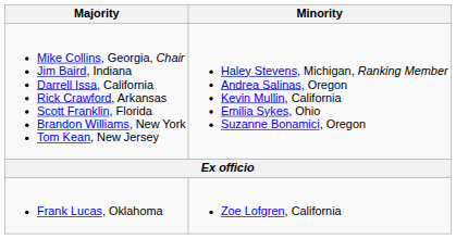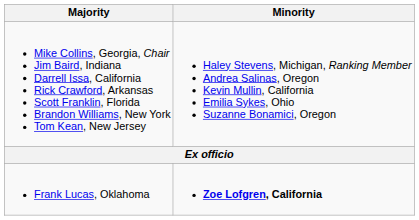 <table class=wikitable>
 <tr>
 <th>Majority</th>
 <th>Minority</th>
 </tr>
 <tr>
 <td><br><ul><li><a href='#'>Mike Collins</a>, Georgia, <em>Chair</em></li><li><a href='#'>Jim Baird</a>, Indiana</li><li><a href='#'>Darrell Issa</a>, California</li><li><a href='#'>Rick Crawford</a>, Arkansas</li><li><a href='#'>Scott Franklin</a>, Florida</li><li><a href='#'>Brandon Williams</a>, New York</li><li><a href='#'>Tom Kean</a>, New Jersey</li></ul></td>
 <td><br><ul><li><a href='#'>Haley Stevens</a>, Michigan, <em>Ranking Member</em></li><li><a href='#'>Andrea Salinas</a>, Oregon</li><li><a href='#'>Kevin Mullin</a>, California</li><li><a href='#'>Emilia Sykes</a>, Ohio</li><li><a href='#'>Suzanne Bonamici</a>, Oregon</li></ul></td>
 </tr>
 <tr>
 <th colspan=2><em>Ex officio</em></th>
 </tr>
 <tr>
 <td><br><ul><li><a href='#'>Frank Lucas</a>, Oklahoma</li></ul></td>
-<td><br><ul><li><a href='#'>Zoe Lofgren</a>, California</li></ul></td>
+<td><strong><br><ul><li><a href='#'>Zoe Lofgren</a>, California</li></ul></strong></td>
 </tr>
 </table>
